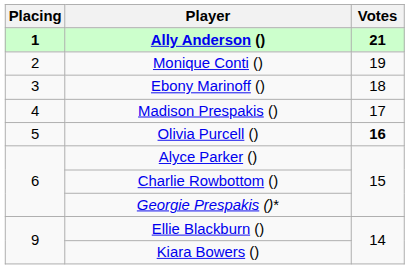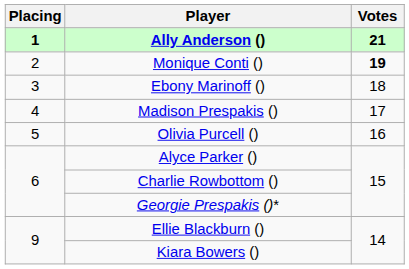 <table class="wikitable" style="text-align:center; margin:1em auto">
 <tr>
 <th style=width:50px>Placing</th>
 <th style=width:300px>Player</th>
 <th style=width:50px>Votes</th>
 </tr>
 <tr style=background:#cfc>
 <td><strong>1</strong></td>
 <td><strong><a href='#'>Ally Anderson</a> ()</strong></td>
 <td><strong>21</strong></td>
 </tr>
 <tr>
 <td>2</td>
 <td><a href='#'>Monique Conti</a> ()</td>
-<td>19</td>
+<td><strong>19</strong></td>
 </tr>
 <tr>
 <td>3</td>
 <td><a href='#'>Ebony Marinoff</a> ()</td>
 <td>18</td>
 </tr>
 <tr>
 <td>4</td>
 <td><a href='#'>Madison Prespakis</a> ()</td>
 <td>17</td>
 </tr>
 <tr>
 <td>5</td>
 <td><a href='#'>Olivia Purcell</a> ()</td>
-<td><strong>16</strong></td>
+<td>16</td>
 </tr>
 <tr>
 <td rowspan=3>6</td>
 <td><a href='#'>Alyce Parker</a> ()</td>
 <td rowspan=3>15</td>
 </tr>
 <tr>
 <td><a href='#'>Charlie Rowbottom</a> ()</td>
 </tr>
 <tr>
 <td><em><a href='#'>Georgie Prespakis</a> ()</em>*</td>
 </tr>
 <tr>
 <td rowspan=2>9</td>
 <td><a href='#'>Ellie Blackburn</a> ()</td>
 <td rowspan=3>14</td>
 </tr>
 <tr>
 <td><a href='#'>Kiara Bowers</a> ()</td>
 </tr>
 </table>
